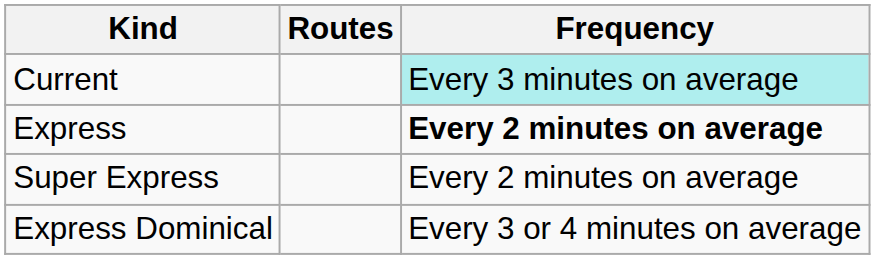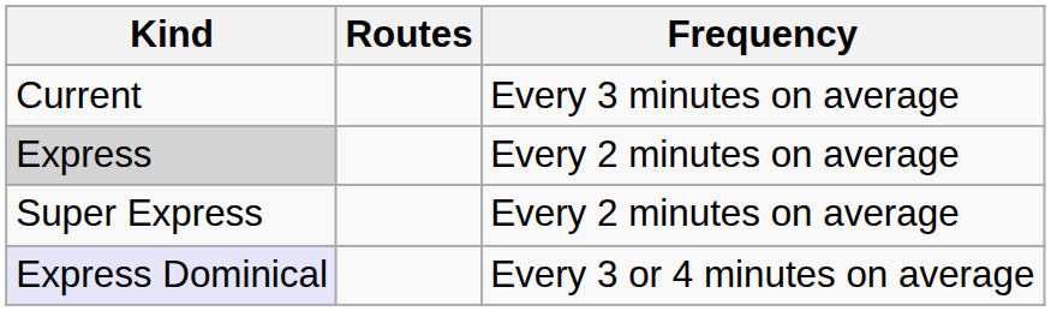 <table class="wikitable" style="margin-left: auto; margin-right: auto; border: none;">
 <tr>
 <th>Kind</th>
 <th>Routes</th>
 <th>Frequency</th>
 </tr>
 <tr>
 <td>Current</td>
 <td></td>
-<td style="background: paleturquoise;">Every 3 minutes on average</td>
+<td>Every 3 minutes on average</td>
 </tr>
 <tr>
-<td>Express</td>
+<td style="background: lightgrey;">Express</td>
 <td>      </td>
-<td><strong>Every 2 minutes on average</strong></td>
+<td>Every 2 minutes on average</td>
 </tr>
 <tr>
 <td>Super Express</td>
 <td> </td>
 <td>Every 2 minutes on average</td>
 </tr>
 <tr>
-<td>Express Dominical</td>
+<td style="background: lavender;">Express Dominical</td>
 <td> </td>
 <td>Every 3 or 4 minutes on average</td>
 </tr>
 </table>
